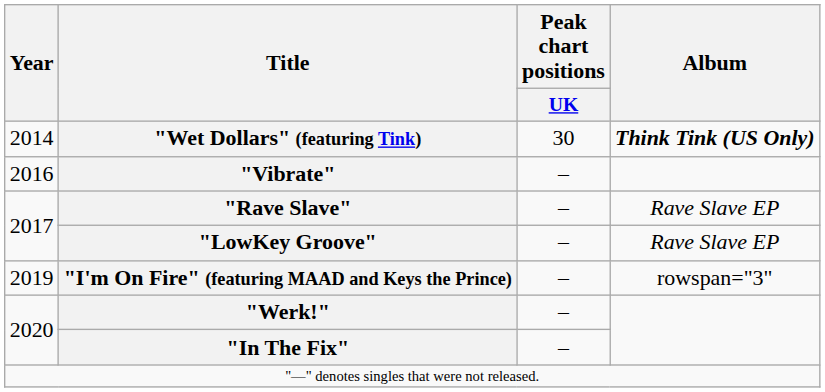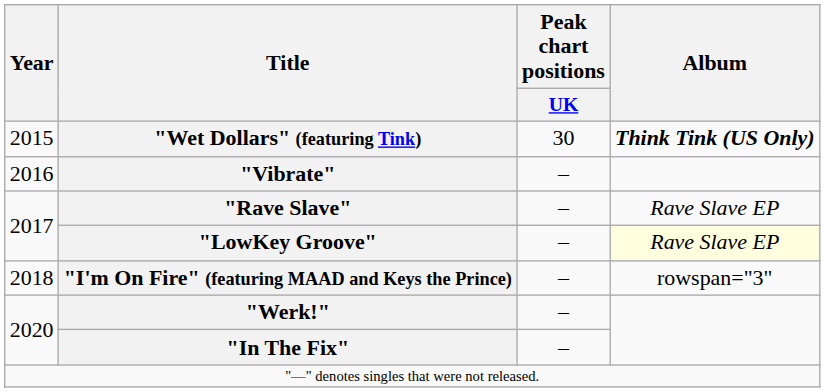 <table class="wikitable plainrowheaders" style="text-align:center;" border="1">
 <tr>
 <th scope="col" rowspan="2">Year</th>
 <th scope="col" rowspan="2">Title</th>
 <th scope="col" colspan="1">Peak chart positions</th>
 <th scope="col" rowspan="2">Album</th>
 </tr>
 <tr>
 <th scope="col" style="width:3em;font-size:90%;"><a href='#'>UK</a><br></th>
 </tr>
 <tr>
-<td>2014</td>
+<td>2015</td>
 <th scope="row">"Wet Dollars" <small>(featuring <a href='#'>Tink</a>)</small></th>
 <td>30</td>
 <td –><strong><em>Think Tink (US Only)</em></strong></td>
 </tr>
 <tr>
 <td>2016</td>
 <th scope="row">"Vibrate"</th>
 <td>–</td>
 <td></td>
 </tr>
 <tr>
 <td rowspan="2">2017</td>
 <th scope="row">"Rave Slave"</th>
 <td>–</td>
 <td –><em>Rave Slave EP</em></td>
 </tr>
 <tr>
 <th scope="row">"LowKey Groove"</th>
 <td>–</td>
-<td –><em>Rave Slave EP</em></td>
+<td – style="background: lightyellow;"><em>Rave Slave EP</em></td>
 </tr>
 <tr>
-<td>2019</td>
+<td>2018</td>
 <th scope="row">"I'm On Fire" <small>(featuring MAAD and Keys the Prince)</small></th>
 <td>–</td>
 <td>rowspan="3" </td>
 </tr>
 <tr>
 <td rowspan="2">2020</td>
 <th scope="row">"Werk!"</th>
 <td>–</td>
 </tr>
 <tr>
 <th scope="row">"In The Fix"</th>
 <td>–</td>
 </tr>
 <tr>
 <td colspan="9" style="font-size:8pt">"—" denotes singles that were not released.</td>
 </tr>
 </table>
